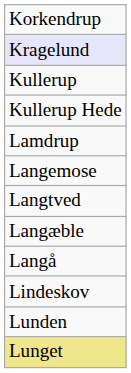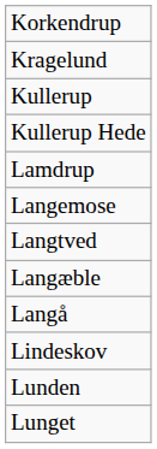 <table class="wikitable" style="float:left; margin-right:1em">
 <tr>
 <td>Korkendrup</td>
 </tr>
 <tr>
-<td style="background: lavender;">Kragelund</td>
+<td>Kragelund</td>
 </tr>
 <tr>
 <td>Kullerup</td>
 </tr>
 <tr>
 <td>Kullerup Hede</td>
 </tr>
 <tr>
 <td>Lamdrup</td>
 </tr>
 <tr>
 <td>Langemose</td>
 </tr>
 <tr>
 <td>Langtved</td>
 </tr>
 <tr>
 <td>Langæble</td>
 </tr>
 <tr>
 <td>Langå</td>
 </tr>
 <tr>
 <td>Lindeskov</td>
 </tr>
 <tr>
 <td>Lunden</td>
 </tr>
 <tr>
-<td style="background: khaki;">Lunget</td>
+<td>Lunget</td>
 </tr>
 </table>
